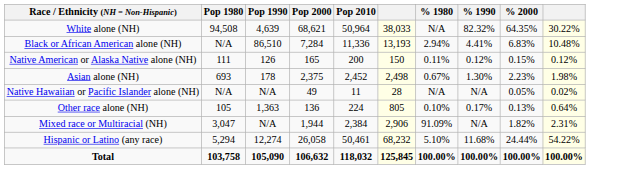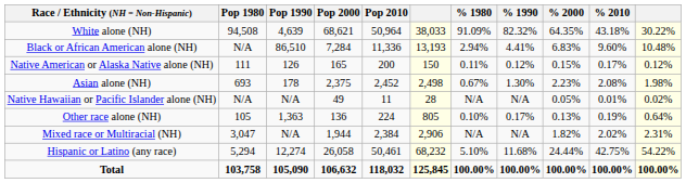 <table class="wikitable" style="text-align:center;">
 <tr>
 <th>Race / Ethnicity <small>(<em>NH = Non-Hispanic</em>)</small></th>
 <th>Pop 1980</th>
 <th>Pop 1990</th>
 <th>Pop 2000</th>
 <th>Pop 2010</th>
 <th></th>
 <th>% 1980</th>
 <th>% 1990</th>
 <th>% 2000</th>
+<th>% 2010</th>
 <th></th>
 </tr>
 <tr>
 <td><a href='#'>White</a> alone (NH)</td>
 <td>94,508</td>
 <td>4,639</td>
 <td>68,621</td>
 <td>50,964</td>
 <td style='background: #ffffe6;'>38,033</td>
-<td>N/A</td>
+<td>91.09%</td>
 <td>82.32%</td>
 <td>64.35%</td>
+<td>43.18%</td>
 <td style='background: #ffffe6;'>30.22%</td>
 </tr>
 <tr>
 <td><a href='#'>Black or African American</a> alone (NH)</td>
 <td>N/A</td>
 <td>86,510</td>
 <td>7,284</td>
 <td>11,336</td>
 <td style='background: #ffffe6;'>13,193</td>
 <td>2.94%</td>
 <td>4.41%</td>
 <td>6.83%</td>
+<td>9.60%</td>
 <td style='background: #ffffe6;'>10.48%</td>
 </tr>
 <tr>
 <td><a href='#'>Native American</a> or <a href='#'>Alaska Native</a> alone (NH)</td>
 <td>111</td>
 <td>126</td>
 <td>165</td>
 <td>200</td>
 <td style='background: #ffffe6;'>150</td>
 <td>0.11%</td>
 <td>0.12%</td>
 <td>0.15%</td>
+<td>0.17%</td>
 <td style='background: #ffffe6;'>0.12%</td>
 </tr>
 <tr>
 <td><a href='#'>Asian</a> alone (NH)</td>
 <td>693</td>
 <td>178</td>
 <td>2,375</td>
 <td>2,452</td>
 <td style='background: #ffffe6;'>2,498</td>
 <td>0.67%</td>
 <td>1.30%</td>
 <td>2.23%</td>
+<td>2.08%</td>
 <td style='background: #ffffe6;'>1.98%</td>
 </tr>
 <tr>
 <td><a href='#'>Native Hawaiian</a> or <a href='#'>Pacific Islander</a> alone (NH)</td>
 <td>N/A</td>
 <td>N/A</td>
 <td>49</td>
 <td>11</td>
 <td style='background: #ffffe6;'>28</td>
 <td>N/A</td>
 <td>N/A</td>
 <td>0.05%</td>
+<td>0.01%</td>
 <td style='background: #ffffe6;'>0.02%</td>
 </tr>
 <tr>
 <td><a href='#'>Other race</a> alone (NH)</td>
 <td>105</td>
 <td>1,363</td>
 <td>136</td>
 <td>224</td>
 <td style='background: #ffffe6;'>805</td>
 <td>0.10%</td>
 <td>0.17%</td>
 <td>0.13%</td>
+<td>0.19%</td>
 <td style='background: #ffffe6;'>0.64%</td>
 </tr>
 <tr>
 <td><a href='#'>Mixed race or Multiracial</a> (NH)</td>
 <td>3,047</td>
 <td>N/A</td>
 <td>1,944</td>
 <td>2,384</td>
 <td style='background: #ffffe6;'>2,906</td>
-<td>91.09%</td>
+<td>N/A</td>
 <td>N/A</td>
 <td>1.82%</td>
+<td>2.02%</td>
 <td style='background: #ffffe6;'>2.31%</td>
 </tr>
 <tr>
 <td><a href='#'>Hispanic or Latino</a> (any race)</td>
 <td>5,294</td>
 <td>12,274</td>
 <td>26,058</td>
 <td>50,461</td>
 <td style='background: #ffffe6;'>68,232</td>
 <td>5.10%</td>
 <td>11.68%</td>
 <td>24.44%</td>
+<td>42.75%</td>
 <td style='background: #ffffe6;'>54.22%</td>
 </tr>
 <tr>
 <td><strong>Total</strong></td>
 <td><strong>103,758</strong></td>
 <td><strong>105,090</strong></td>
 <td><strong>106,632</strong></td>
 <td><strong>118,032</strong></td>
 <td style='background: #ffffe6;'><strong>125,845</strong></td>
 <td><strong>100.00%</strong></td>
 <td><strong>100.00%</strong></td>
 <td><strong>100.00%</strong></td>
+<td><strong>100.00%</strong></td>
 <td style='background: #ffffe6;'><strong>100.00%</strong></td>
 </tr>
 </table>
